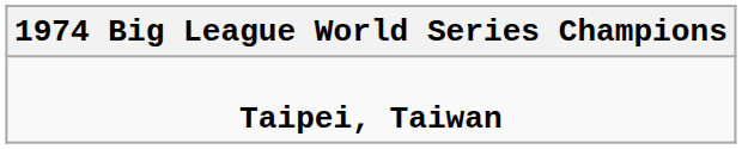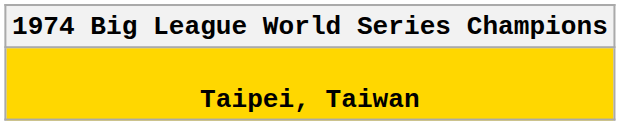 <table class="wikitable" style="text-align: center; margin: 0 auto;">
 <tr>
 <th>1974 Big League World Series Champions</th>
 </tr>
 <tr>
-<td><br><strong>Taipei, Taiwan</strong></td>
+<td style="background: gold;"><br><strong>Taipei, Taiwan</strong></td>
 </tr>
 </table>
